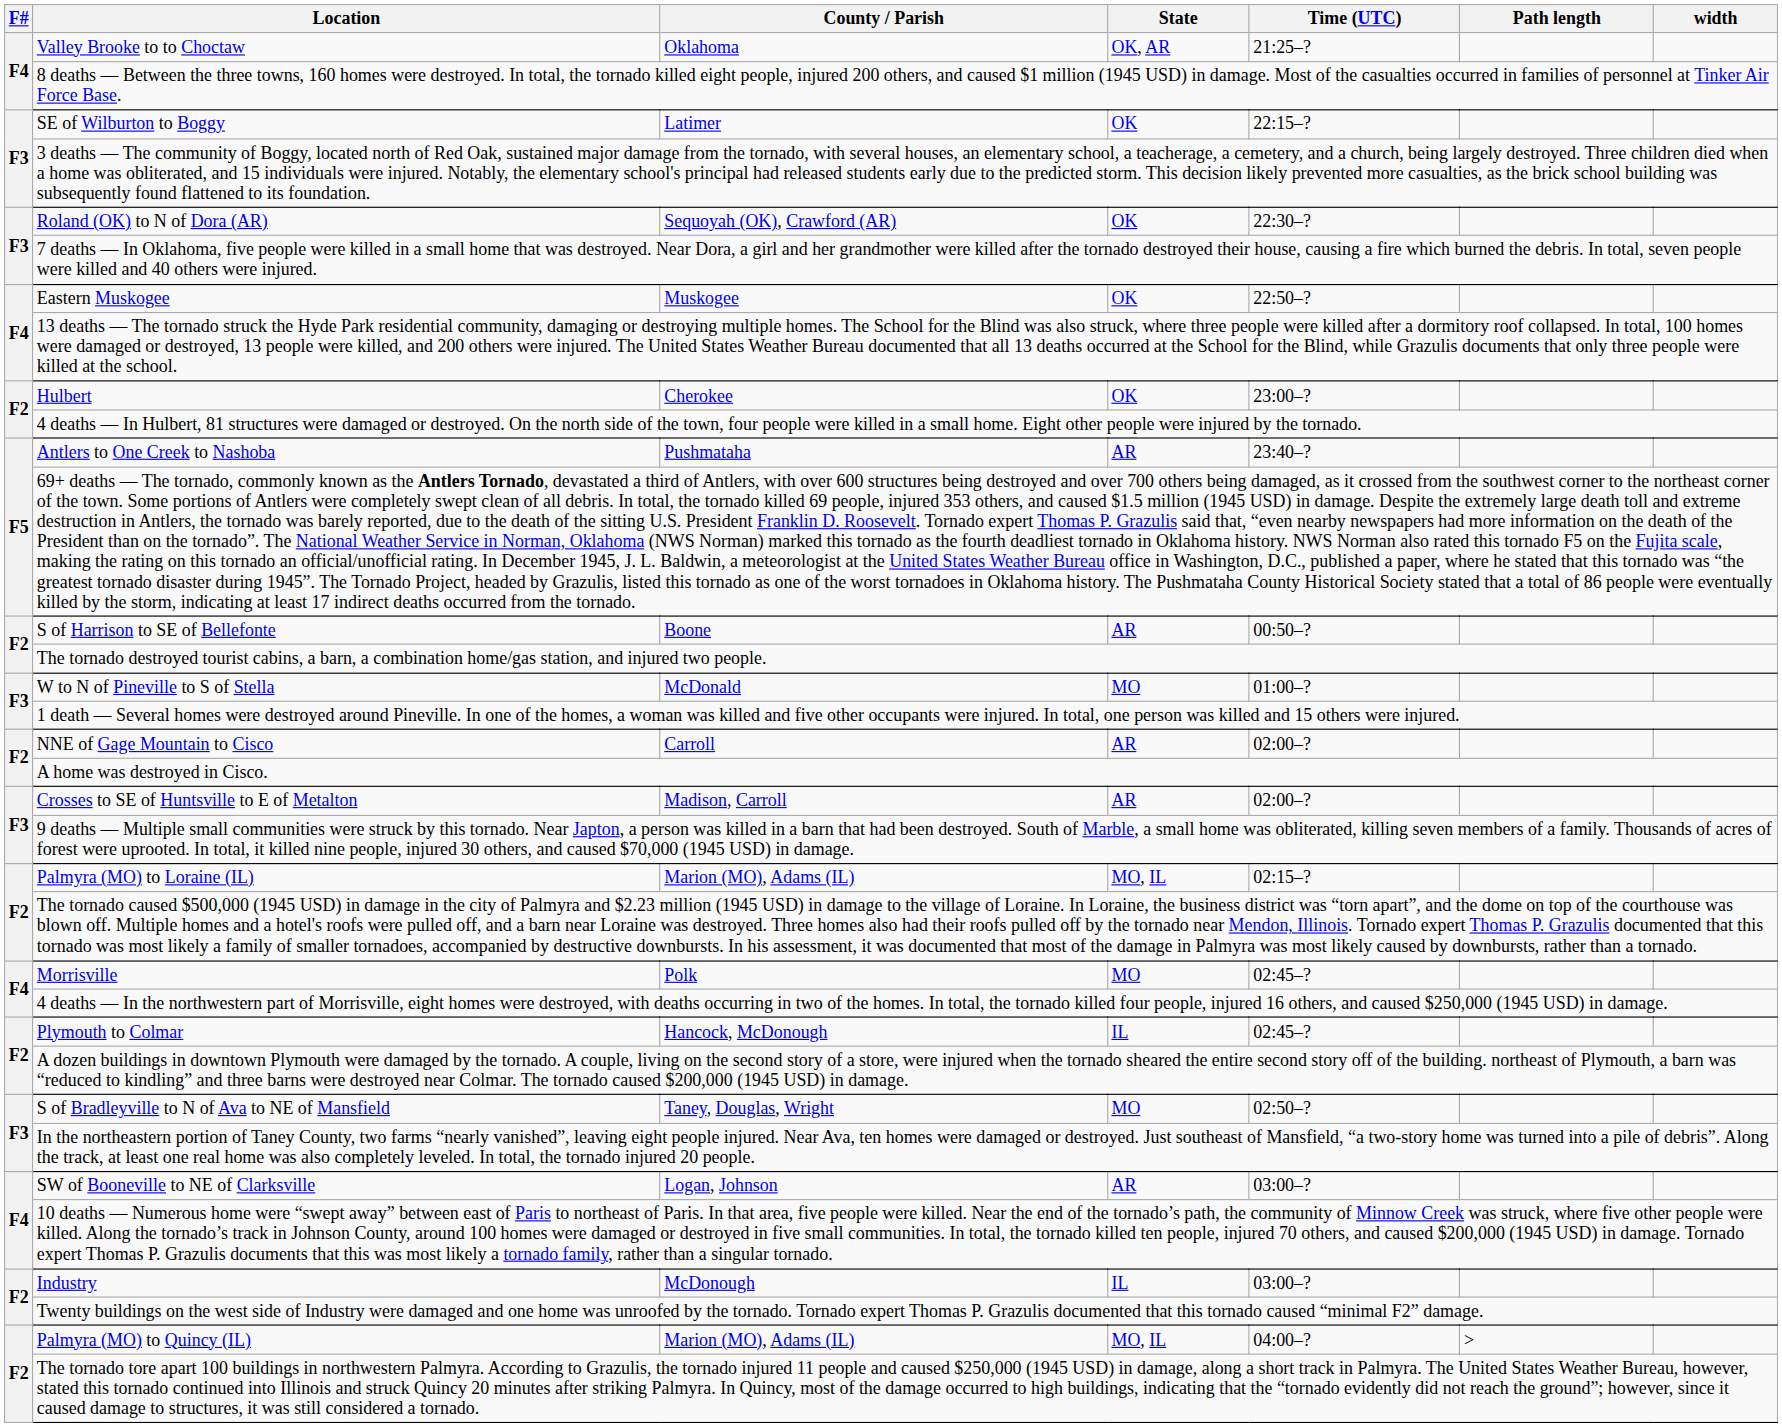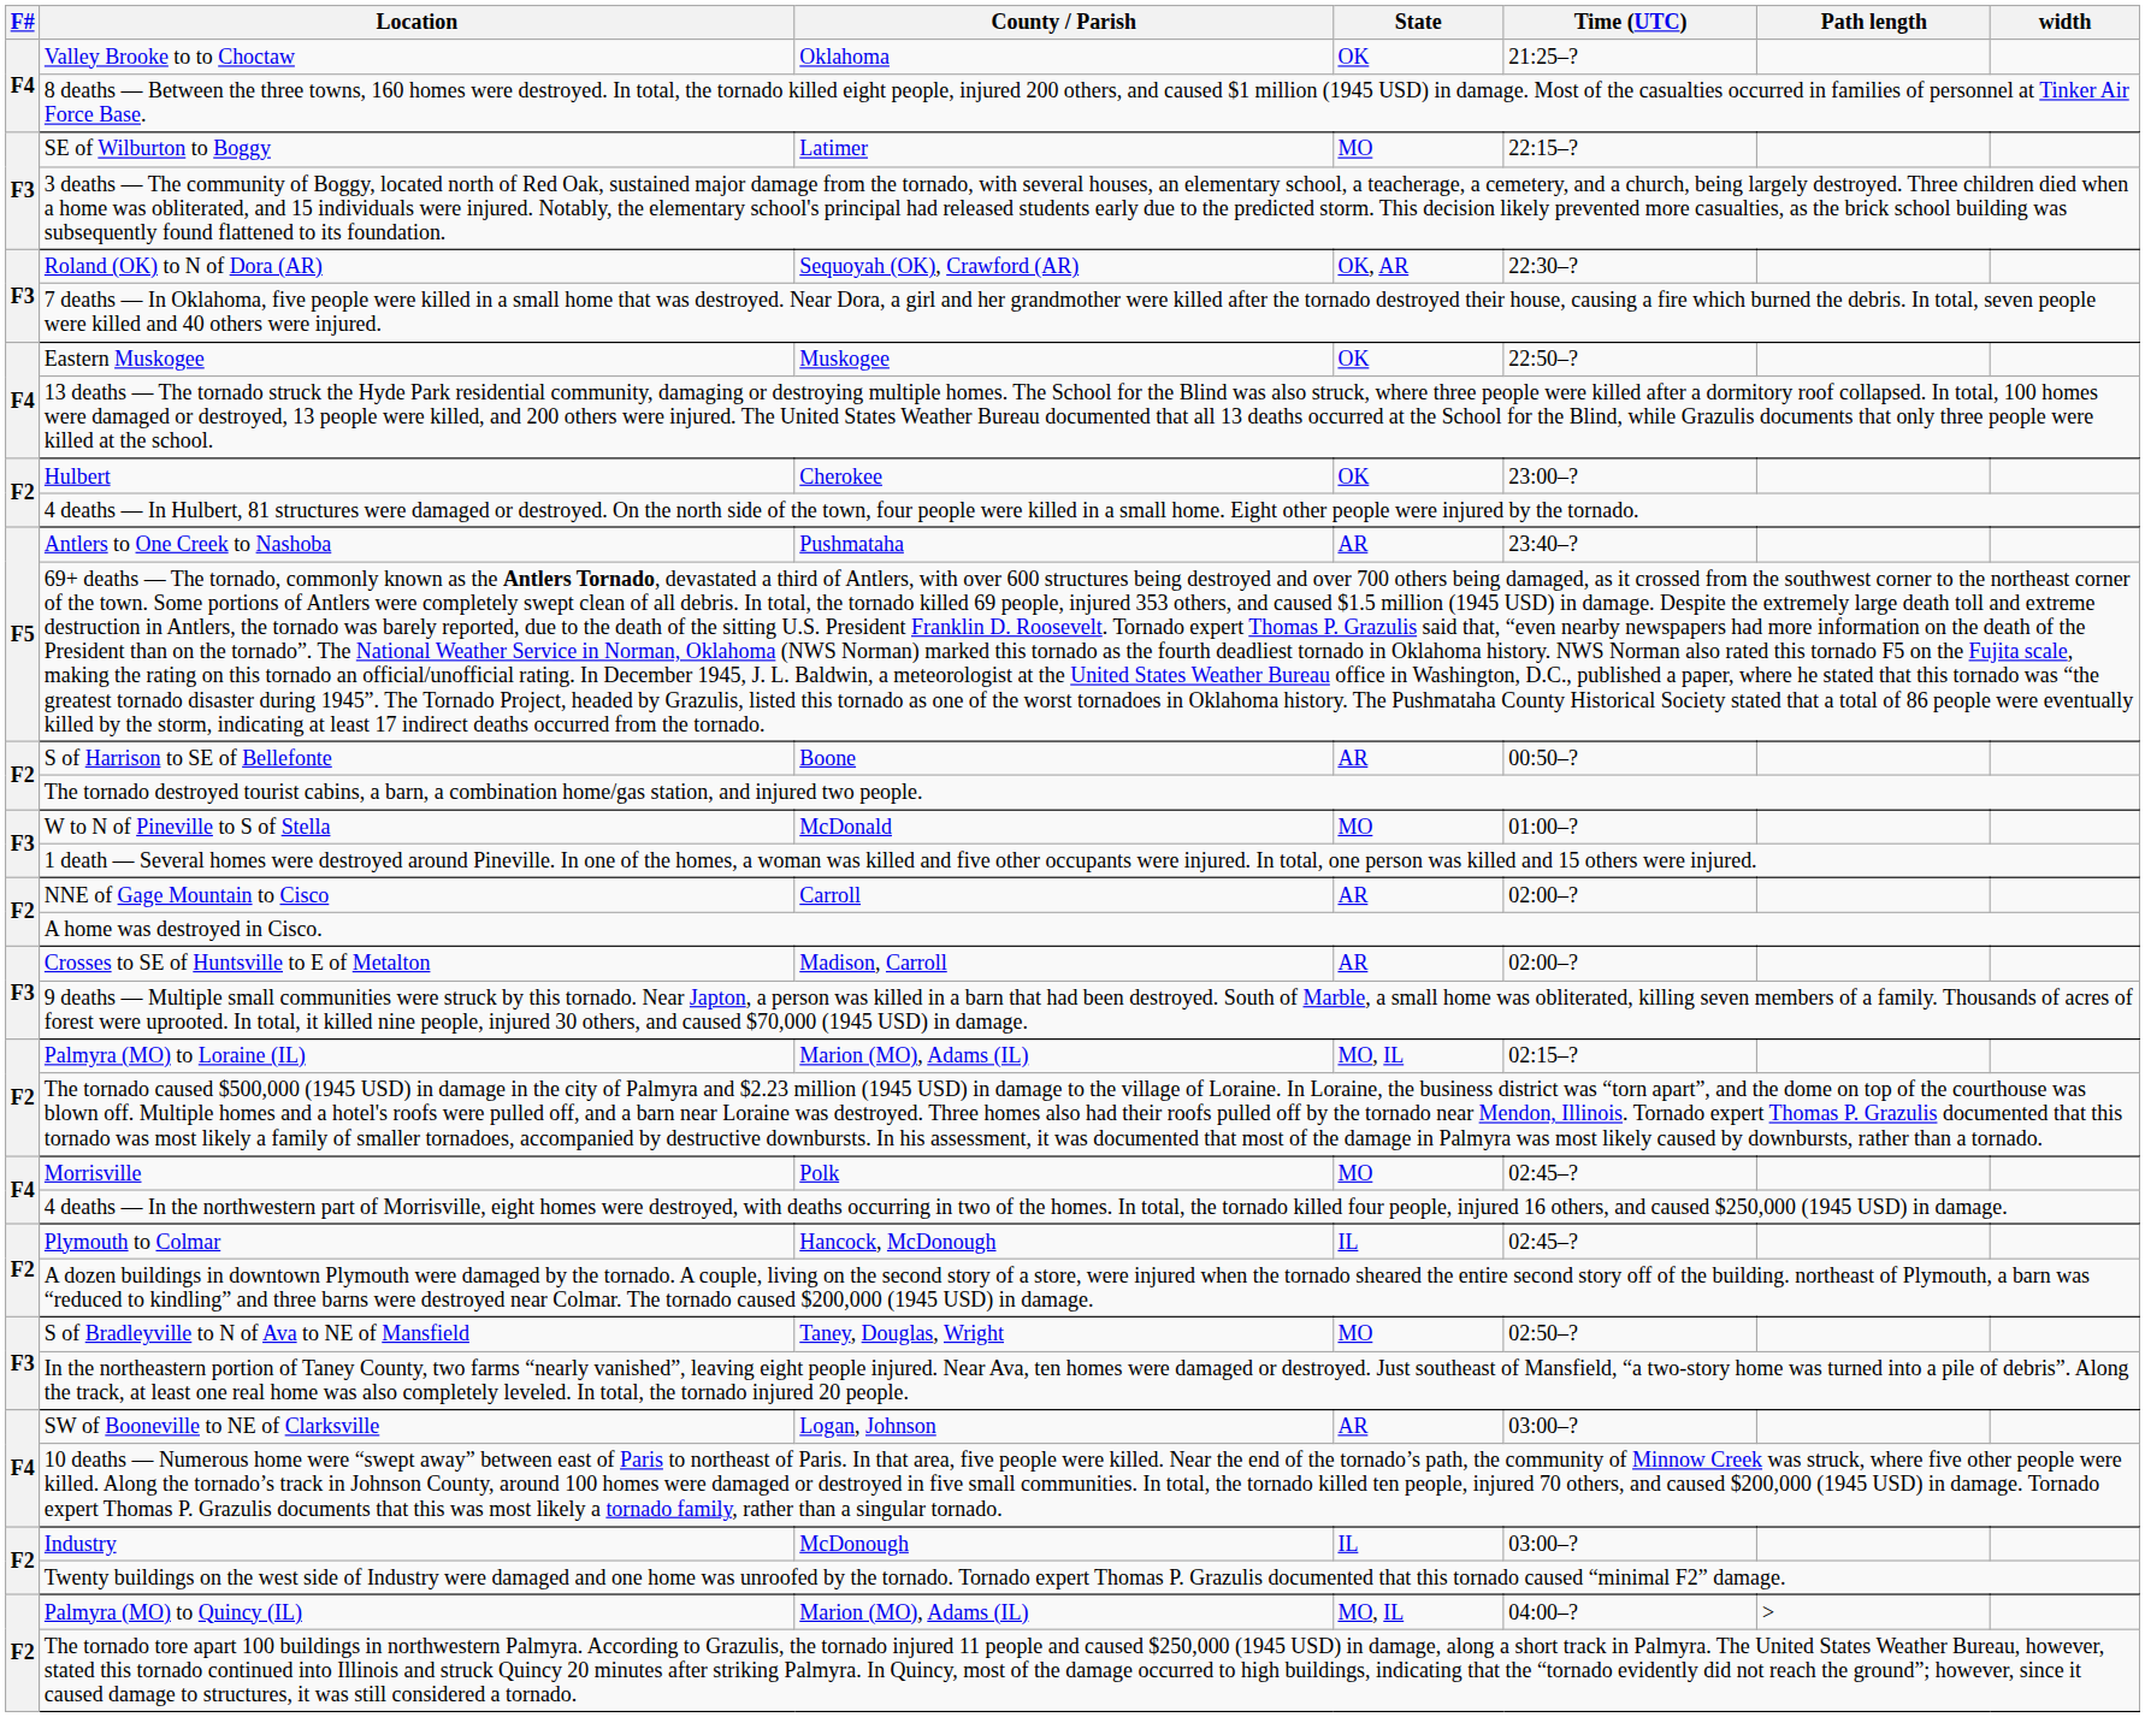 <table class="wikitable sortable" style="width:100%;">
 <tr>
 <th scope="col" align="center"><a href='#'>F#</a></th>
 <th scope="col" align="center" class="unsortable">Location</th>
 <th scope="col" align="center" class="unsortable">County / Parish</th>
 <th scope="col" align="center">State</th>
 <th scope="col" align="center">Time (<a href='#'>UTC</a>)</th>
 <th scope="col" align="center">Path length</th>
 <th scope="col" align="center"> width</th>
 </tr>
 <tr>
 <th scope="row" rowspan="2" style="background-color:#">F4</th>
 <td><a href='#'>Valley Brooke</a> to  to <a href='#'>Choctaw</a></td>
 <td><a href='#'>Oklahoma</a></td>
-<td><a href='#'>OK</a>, <a href='#'>AR</a></td>
+<td><a href='#'>OK</a></td>
 <td>21:25–?</td>
 <td></td>
 <td></td>
 </tr>
 <tr class="expand-child">
 <td colspan="6" style=" border-bottom: 1px solid black;">8 deaths — Between the three towns, 160 homes were destroyed. In total, the tornado killed eight people, injured 200 others, and caused $1 million (1945 USD) in damage. Most of the casualties occurred in families of personnel at <a href='#'>Tinker Air Force Base</a>.</td>
 </tr>
 <tr>
 <th scope="row" rowspan="2" style="background-color:#">F3</th>
 <td>SE of <a href='#'>Wilburton</a> to <a href='#'>Boggy</a></td>
 <td><a href='#'>Latimer</a></td>
-<td><a href='#'>OK</a></td>
+<td><a href='#'>MO</a></td>
 <td>22:15–?</td>
 <td></td>
 <td></td>
 </tr>
 <tr class="expand-child">
 <td colspan="6" style=" border-bottom: 1px solid black;">3 deaths — The community of Boggy, located  north of Red Oak, sustained major damage from the tornado, with several houses, an elementary school, a teacherage, a cemetery, and a church, being largely destroyed. Three children died when a home was obliterated, and 15 individuals were injured. Notably, the elementary school's principal had released students early due to the predicted storm. This decision likely prevented more casualties, as the brick school building was subsequently found flattened to its foundation.</td>
 </tr>
 <tr>
 <th scope="row" rowspan="2" style="background-color:#">F3</th>
 <td><a href='#'>Roland (OK)</a> to N of <a href='#'>Dora (AR)</a></td>
 <td><a href='#'>Sequoyah (OK)</a>, <a href='#'>Crawford (AR)</a></td>
-<td><a href='#'>OK</a></td>
+<td><a href='#'>OK</a>, <a href='#'>AR</a></td>
 <td>22:30–?</td>
 <td></td>
 <td></td>
 </tr>
 <tr class="expand-child">
 <td colspan="6" style=" border-bottom: 1px solid black;">7 deaths — In Oklahoma, five people were killed in a small home that was destroyed. Near Dora, a girl and her grandmother were killed after the tornado destroyed their house, causing a fire which burned the debris. In total, seven people were killed and 40 others were injured.</td>
 </tr>
 <tr>
 <th scope="row" rowspan="2" style="background-color:#">F4</th>
 <td>Eastern <a href='#'>Muskogee</a></td>
 <td><a href='#'>Muskogee</a></td>
 <td><a href='#'>OK</a></td>
 <td>22:50–?</td>
 <td></td>
 <td></td>
 </tr>
 <tr class="expand-child">
 <td colspan="6" style=" border-bottom: 1px solid black;">13 deaths — The tornado struck the Hyde Park residential community, damaging or destroying multiple homes. The School for the Blind was also struck, where three people were killed after a dormitory roof collapsed. In total, 100 homes were damaged or destroyed, 13 people were killed, and 200 others were injured. The United States Weather Bureau documented that all 13 deaths occurred at the School for the Blind, while Grazulis documents that only three people were killed at the school.</td>
 </tr>
 <tr>
 <th scope="row" rowspan="2" style="background-color:#">F2</th>
 <td><a href='#'>Hulbert</a></td>
 <td><a href='#'>Cherokee</a></td>
 <td><a href='#'>OK</a></td>
 <td>23:00–?</td>
 <td></td>
 <td></td>
 </tr>
 <tr class="expand-child">
 <td colspan="6" style=" border-bottom: 1px solid black;">4 deaths — In Hulbert, 81 structures were damaged or destroyed. On the north side of the town, four people were killed in a small home. Eight other people were injured by the tornado.</td>
 </tr>
 <tr>
 <th scope="row" rowspan="2" style="background-color:#">F5</th>
 <td><a href='#'>Antlers</a> to <a href='#'>One Creek</a> to <a href='#'>Nashoba</a></td>
 <td><a href='#'>Pushmataha</a></td>
 <td><a href='#'>AR</a></td>
 <td>23:40–?</td>
 <td></td>
 <td></td>
 </tr>
 <tr class="expand-child">
 <td colspan="6" style=" border-bottom: 1px solid black;">69+ deaths — The tornado, commonly known as the <strong>Antlers Tornado</strong>, devastated a third of Antlers, with over 600 structures being destroyed and over 700 others being damaged, as it crossed from the southwest corner to the northeast corner of the town. Some portions of Antlers were completely swept clean of all debris. In total, the tornado killed 69 people, injured 353 others, and caused $1.5 million (1945 USD) in damage. Despite the extremely large death toll and extreme destruction in Antlers, the tornado was barely reported, due to the death of the sitting U.S. President <a href='#'>Franklin D. Roosevelt</a>. Tornado expert <a href='#'>Thomas P. Grazulis</a> said that, “even nearby newspapers had more information on the death of the President than on the tornado”. The <a href='#'>National Weather Service in Norman, Oklahoma</a> (NWS Norman) marked this tornado as the fourth deadliest tornado in Oklahoma history. NWS Norman also rated this tornado F5 on the <a href='#'>Fujita scale</a>, making the rating on this tornado an official/unofficial rating. In December 1945, J. L. Baldwin, a meteorologist at the <a href='#'>United States Weather Bureau</a> office in Washington, D.C., published a paper, where he stated that this tornado was “the greatest tornado disaster during 1945”. The Tornado Project, headed by Grazulis, listed this tornado as one of the worst tornadoes in Oklahoma history. The Pushmataha County Historical Society stated that a total of 86 people were eventually killed by the storm, indicating at least 17 indirect deaths occurred from the tornado.</td>
 </tr>
 <tr>
 <th scope="row" rowspan="2" style="background-color:#">F2</th>
 <td>S of <a href='#'>Harrison</a> to SE of <a href='#'>Bellefonte</a></td>
 <td><a href='#'>Boone</a></td>
 <td><a href='#'>AR</a></td>
 <td>00:50–?</td>
 <td></td>
 <td></td>
 </tr>
 <tr class="expand-child">
 <td colspan="6" style=" border-bottom: 1px solid black;">The tornado destroyed tourist cabins, a barn, a combination home/gas station, and injured two people.</td>
 </tr>
 <tr>
 <th scope="row" rowspan="2" style="background-color:#">F3</th>
 <td>W to N of <a href='#'>Pineville</a> to S of <a href='#'>Stella</a></td>
 <td><a href='#'>McDonald</a></td>
 <td><a href='#'>MO</a></td>
 <td>01:00–?</td>
 <td></td>
 <td></td>
 </tr>
 <tr class="expand-child">
 <td colspan="6" style=" border-bottom: 1px solid black;">1 death — Several homes were destroyed around Pineville. In one of the homes, a woman was killed and five other occupants were injured. In total, one person was killed and 15 others were injured.</td>
 </tr>
 <tr>
 <th scope="row" rowspan="2" style="background-color:#">F2</th>
 <td>NNE of <a href='#'>Gage Mountain</a> to <a href='#'>Cisco</a></td>
 <td><a href='#'>Carroll</a></td>
 <td><a href='#'>AR</a></td>
 <td>02:00–?</td>
 <td></td>
 <td></td>
 </tr>
 <tr class="expand-child">
 <td colspan="6" style=" border-bottom: 1px solid black;">A home was destroyed in Cisco.</td>
 </tr>
 <tr>
 <th scope="row" rowspan="2" style="background-color:#">F3</th>
 <td><a href='#'>Crosses</a> to SE of <a href='#'>Huntsville</a> to E of <a href='#'>Metalton</a></td>
 <td><a href='#'>Madison</a>, <a href='#'>Carroll</a></td>
 <td><a href='#'>AR</a></td>
 <td>02:00–?</td>
 <td></td>
 <td></td>
 </tr>
 <tr class="expand-child">
 <td colspan="6" style=" border-bottom: 1px solid black;">9 deaths — Multiple small communities were struck by this tornado. Near <a href='#'>Japton</a>, a person was killed in a barn that had been destroyed. South of <a href='#'>Marble</a>, a small home was obliterated, killing seven members of a family. Thousands of acres of forest were uprooted. In total, it killed nine people, injured 30 others, and caused $70,000 (1945 USD) in damage.</td>
 </tr>
 <tr>
 <th scope="row" rowspan="2" style="background-color:#">F2</th>
 <td><a href='#'>Palmyra (MO)</a> to <a href='#'>Loraine (IL)</a></td>
 <td><a href='#'>Marion (MO)</a>, <a href='#'>Adams (IL)</a></td>
 <td><a href='#'>MO</a>, <a href='#'>IL</a></td>
 <td>02:15–?</td>
 <td></td>
 <td></td>
 </tr>
 <tr class="expand-child">
 <td colspan="6" style=" border-bottom: 1px solid black;">The tornado caused $500,000 (1945 USD) in damage in the city of Palmyra and $2.23 million (1945 USD) in damage to the village of Loraine. In Loraine, the business district was “torn apart”, and the dome on top of the courthouse was blown off. Multiple homes and a hotel's roofs were pulled off, and a barn near Loraine was destroyed. Three homes also had their roofs pulled off by the tornado near <a href='#'>Mendon, Illinois</a>. Tornado expert <a href='#'>Thomas P. Grazulis</a> documented that this tornado was most likely a family of smaller tornadoes, accompanied by destructive downbursts. In his assessment, it was documented that most of the damage in Palmyra was most likely caused by downbursts, rather than a tornado.</td>
 </tr>
 <tr>
 <th scope="row" rowspan="2" style="background-color:#">F4</th>
 <td><a href='#'>Morrisville</a></td>
 <td><a href='#'>Polk</a></td>
 <td><a href='#'>MO</a></td>
 <td>02:45–?</td>
 <td></td>
 <td></td>
 </tr>
 <tr class="expand-child">
 <td colspan="6" style=" border-bottom: 1px solid black;">4 deaths — In the northwestern part of Morrisville, eight homes were destroyed, with deaths occurring in two of the homes. In total, the tornado killed four people, injured 16 others, and caused $250,000 (1945 USD) in damage.</td>
 </tr>
 <tr>
 <th scope="row" rowspan="2" style="background-color:#">F2</th>
 <td><a href='#'>Plymouth</a> to <a href='#'>Colmar</a></td>
 <td><a href='#'>Hancock</a>, <a href='#'>McDonough</a></td>
 <td><a href='#'>IL</a></td>
 <td>02:45–?</td>
 <td></td>
 <td></td>
 </tr>
 <tr class="expand-child">
 <td colspan="6" style=" border-bottom: 1px solid black;">A dozen buildings in downtown Plymouth were damaged by the tornado. A couple, living on the second story of a store, were injured when the tornado sheared the entire second story off of the building.  northeast of Plymouth, a barn was “reduced to kindling” and three barns were destroyed near Colmar. The tornado caused $200,000 (1945 USD) in damage.</td>
 </tr>
 <tr>
 <th scope="row" rowspan="2" style="background-color:#">F3</th>
 <td>S of <a href='#'>Bradleyville</a> to N of <a href='#'>Ava</a> to NE of <a href='#'>Mansfield</a></td>
 <td><a href='#'>Taney</a>, <a href='#'>Douglas</a>, <a href='#'>Wright</a></td>
 <td><a href='#'>MO</a></td>
 <td>02:50–?</td>
 <td></td>
 <td></td>
 </tr>
 <tr class="expand-child">
 <td colspan="6" style=" border-bottom: 1px solid black;">In the northeastern portion of Taney County, two farms “nearly vanished”, leaving eight people injured. Near Ava, ten homes were damaged or destroyed. Just southeast of Mansfield, “a two-story home was turned into a pile of debris”. Along the track, at least one real home was also completely leveled. In total, the tornado injured 20 people.</td>
 </tr>
 <tr>
 <th scope="row" rowspan="2" style="background-color:#">F4</th>
 <td>SW of <a href='#'>Booneville</a> to NE of <a href='#'>Clarksville</a></td>
 <td><a href='#'>Logan</a>, <a href='#'>Johnson</a></td>
 <td><a href='#'>AR</a></td>
 <td>03:00–?</td>
 <td></td>
 <td></td>
 </tr>
 <tr class="expand-child">
 <td colspan="6" style=" border-bottom: 1px solid black;">10 deaths — Numerous home were “swept away” between  east of <a href='#'>Paris</a> to  northeast of Paris. In that area, five people were killed. Near the end of the tornado’s path, the community of <a href='#'>Minnow Creek</a> was struck, where five other people were killed. Along the tornado’s track in Johnson County, around 100 homes were damaged or destroyed in five small communities. In total, the tornado killed ten people, injured 70 others, and caused $200,000 (1945 USD) in damage. Tornado expert Thomas P. Grazulis documents that this was most likely a <a href='#'>tornado family</a>, rather than a singular tornado.</td>
 </tr>
 <tr>
 <th scope="row" rowspan="2" style="background-color:#">F2</th>
 <td><a href='#'>Industry</a></td>
 <td><a href='#'>McDonough</a></td>
 <td><a href='#'>IL</a></td>
 <td>03:00–?</td>
 <td></td>
 <td></td>
 </tr>
 <tr class="expand-child">
 <td colspan="6" style=" border-bottom: 1px solid black;">Twenty buildings on the west side of Industry were damaged and one home was unroofed by the tornado. Tornado expert Thomas P. Grazulis documented that this tornado caused “minimal F2” damage.</td>
 </tr>
 <tr>
 <th scope="row" rowspan="2" style="background-color:#">F2</th>
 <td><a href='#'>Palmyra (MO)</a> to <a href='#'>Quincy (IL)</a></td>
 <td><a href='#'>Marion (MO)</a>, <a href='#'>Adams (IL)</a></td>
 <td><a href='#'>MO</a>, <a href='#'>IL</a></td>
 <td>04:00–?</td>
 <td>></td>
 <td></td>
 </tr>
 <tr class="expand-child">
 <td colspan="6" style=" border-bottom: 1px solid black;">The tornado tore apart 100 buildings in northwestern Palmyra. According to Grazulis, the tornado injured 11 people and caused $250,000 (1945 USD) in damage, along a short  track in Palmyra. The United States Weather Bureau, however, stated this tornado continued into Illinois and struck Quincy 20 minutes after striking Palmyra. In Quincy, most of the damage occurred to high buildings, indicating that the “tornado evidently did not reach the ground”; however, since it caused damage to structures, it was still considered a tornado.</td>
 </tr>
 </table>
